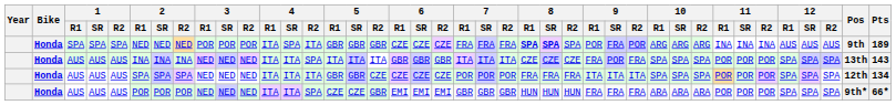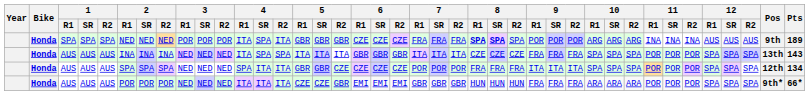 <table class="wikitable" style="text-align:center; font-size:90%;">
 <tr>
 <th rowspan="2">Year</th>
 <th rowspan="2">Bike</th>
 <th colspan="3">1</th>
 <th colspan="3">2</th>
 <th colspan="3">3</th>
 <th colspan="3">4</th>
 <th colspan="3">5</th>
 <th colspan="3">6</th>
 <th colspan="3">7</th>
 <th colspan="3">8</th>
 <th colspan="3">9</th>
 <th colspan="3">10</th>
 <th colspan="3">11</th>
 <th colspan="3">12</th>
 <th rowspan="2">Pos</th>
 <th rowspan="2">Pts</th>
 </tr>
 <tr>
 <th>R1</th>
 <th>SR</th>
 <th>R2</th>
 <th>R1</th>
 <th>SR</th>
 <th>R2</th>
 <th>R1</th>
 <th>SR</th>
 <th>R2</th>
 <th>R1</th>
 <th>SR</th>
 <th>R2</th>
 <th>R1</th>
 <th>SR</th>
 <th>R2</th>
 <th>R1</th>
 <th>SR</th>
 <th>R2</th>
 <th>R1</th>
 <th>SR</th>
 <th>R2</th>
 <th>R1</th>
 <th>SR</th>
 <th>R2</th>
 <th>R1</th>
 <th>SR</th>
 <th>R2</th>
 <th>R1</th>
 <th>SR</th>
 <th>R2</th>
 <th>R1</th>
 <th>SR</th>
 <th>R2</th>
 <th>R1</th>
 <th>SR</th>
 <th>R2</th>
 </tr>
 <tr>
 <th></th>
 <th><a href='#'>Honda</a></th>
 <td style="background:#dfffdf;"><a href='#'>SPA</a><br></td>
 <td style="background:#dfffdf;"><a href='#'>SPA</a><br></td>
 <td style="background:#dfffdf;"><a href='#'>SPA</a><br></td>
 <td style="background:#dfffdf;"><a href='#'>NED</a><br></td>
 <td style="background:#dfffdf;"><a href='#'>NED</a><br></td>
 <td style="background:#ffdf9f;"><a href='#'>NED</a><br></td>
 <td style="background:#dfffdf;"><a href='#'>POR</a><br></td>
 <td style="background:#dfffdf;"><a href='#'>POR</a><br></td>
 <td style="background:#dfffdf;"><a href='#'>POR</a><br></td>
 <td style="background:#dfffdf;"><a href='#'>ITA</a><br></td>
 <td style="background:#dfffdf;"><a href='#'>SPA</a><br></td>
 <td style="background:#dfffdf;"><a href='#'>ITA</a><br></td>
 <td style="background:#dfffdf;"><a href='#'>GBR</a><br></td>
 <td style="background:#dfffdf;"><a href='#'>GBR</a><br></td>
 <td style="background:#dfffdf;"><a href='#'>GBR</a><br></td>
 <td style="background:#dfffdf;"><a href='#'>CZE</a><br></td>
 <td style="background:#dfffdf;"><a href='#'>CZE</a><br></td>
 <td style="background:#efcfff;"><a href='#'>CZE</a><br></td>
 <td style="background:#dfffdf;"><a href='#'>FRA</a><br></td>
 <td style="background:#cfcfff;"><a href='#'>FRA</a><br></td>
 <td style="background:#dfffdf;"><a href='#'>FRA</a><br></td>
 <td style="background:#dfffdf;"><strong><a href='#'>SPA</a></strong><br></td>
 <td style="background:#efcfff;"><strong><a href='#'>SPA</a></strong><br></td>
 <td style="background:#dfffdf;"><a href='#'>SPA</a><br></td>
 <td style="background:#dfffdf;"><a href='#'>POR</a><br></td>
-<td style="background:#cfcfff;"><a href='#'>FRA</a><br></td>
+<td style="background:#cfcfff;"><a href='#'>POR</a><br></td>
 <td style="background:#cfcfff;"><a href='#'>POR</a><br></td>
 <td style="background:#dfffdf;"><a href='#'>ARG</a><br></td>
 <td style="background:#dfffdf;"><a href='#'>ARG</a><br></td>
 <td style="background:#dfffdf;"><a href='#'>ARG</a><br></td>
 <td style="background:#ffffff;"><a href='#'>INA</a><br></td>
 <td style="background:#ffffff;"><a href='#'>INA</a><br></td>
 <td style="background:#ffffff;"><a href='#'>INA</a><br></td>
 <td><a href='#'>AUS</a></td>
 <td><a href='#'>AUS</a></td>
 <td><a href='#'>AUS</a></td>
 <th>9th</th>
 <th>189</th>
 </tr>
 <tr>
 <th></th>
 <th><a href='#'>Honda</a></th>
 <td style="background:#dfffdf;"><a href='#'>AUS</a><br></td>
 <td style="background:#dfffdf;"><a href='#'>AUS</a><br></td>
 <td style="background:#dfffdf;"><a href='#'>AUS</a><br></td>
 <td style="background:#dfffdf;"><a href='#'>INA</a><br></td>
 <td style="background:#cfcfff;"><a href='#'>INA</a><br></td>
 <td style="background:#dfffdf;"><a href='#'>INA</a><br></td>
 <td style="background:#efcfff;"><a href='#'>NED</a><br></td>
 <td style="background:#cfcfff;"><a href='#'>NED</a><br></td>
 <td style="background:#efcfff;"><a href='#'>NED</a><br></td>
 <td style="background:#DFFFDF;"><a href='#'>ITA</a><br></td>
-<td style="background:#DFFFDF;"><a href='#'>ITA</a><br></td>
+<td style="background:#dfffdf;"><a href='#'>SPA</a><br></td>
 <td style="background:#dfffdf;"><a href='#'>SPA</a><br></td>
 <td style="background:#dfffdf;"><a href='#'>ITA</a><br></td>
 <td style="background:#cfcfff;"><a href='#'>ITA</a><br></td>
 <td style="background:#ffffff;"><a href='#'>ITA</a><br></td>
 <td style="background:#efcfff;"><a href='#'>GBR</a><br></td>
 <td style="background:#cfcfff;"><a href='#'>GBR</a><br></td>
 <td style="background:#dfffdf;"><a href='#'>GBR</a><br></td>
 <td style="background:#efcfff;"><a href='#'>ITA</a><br></td>
 <td style="background:#cfcfff;"><a href='#'>ITA</a><br></td>
 <td style="background:#dfffdf;"><a href='#'>ITA</a><br></td>
 <td style="background:#dfffdf;"><a href='#'>CZE</a><br></td>
 <td style="background:#cfcfff;"><a href='#'>CZE</a><br></td>
 <td style="background:#dfffdf;"><a href='#'>CZE</a><br></td>
 <td style="background:#dfffdf;"><a href='#'>FRA</a><br></td>
-<td style="background:#cfcfff;"><a href='#'>POR</a><br></td>
+<td style="background:#cfcfff;"><a href='#'>FRA</a><br></td>
 <td style="background:#dfffdf;"><a href='#'>FRA</a><br></td>
 <td style="background:#dfffdf;"><a href='#'>SPA</a><br></td>
 <td style="background:#dfffdf;"><a href='#'>SPA</a><br></td>
 <td style="background:#dfffdf;"><a href='#'>SPA</a><br></td>
 <td style="background:#dfffdf;"><a href='#'>POR</a><br></td>
 <td style="background:#dfffdf;"><a href='#'>POR</a><br></td>
 <td style="background:#dfffdf;"><a href='#'>POR</a><br></td>
 <td style="background:#dfffdf;"><a href='#'>SPA</a><br></td>
 <td style="background:#cfcfff;"><a href='#'>SPA</a><br></td>
 <td style="background:#cfcfff;"><a href='#'>SPA</a><br></td>
 <th>13th</th>
 <th>143</th>
 </tr>
 <tr>
 <th></th>
 <th><a href='#'>Honda</a></th>
 <td style="background:#FFFFFF;"><a href='#'>AUS</a><br></td>
 <td style="background:#FFFFFF;"><a href='#'>AUS</a><br></td>
 <td style="background:#FFFFFF;"><a href='#'>AUS</a><br></td>
 <td style="background:#DFFFDF;"><a href='#'>SPA</a><br></td>
 <td style="background:#CFCFFF;"><a href='#'>SPA</a><br></td>
 <td style="background:#EFCFFF;"><a href='#'>SPA</a><br></td>
 <td style="background:#FFFFFF;"><a href='#'>NED</a><br></td>
 <td style="background:#FFFFFF;"><a href='#'>NED</a><br></td>
 <td style="background:#FFFFFF;"><a href='#'>NED</a><br></td>
-<td style="background:#DFFFDF;"><a href='#'>ITA</a><br></td>
+<td style="background:#dfffdf;"><a href='#'>SPA</a><br></td>
 <td style="background:#DFFFDF;"><a href='#'>ITA</a><br></td>
 <td style="background:#DFFFDF;"><a href='#'>ITA</a><br></td>
 <td style="background:#DFFFDF;"><a href='#'>GBR</a><br></td>
 <td style="background:#CFCFFF;"><a href='#'>GBR</a><br></td>
 <td style="background:#DFFFDF;"><a href='#'>CZE</a><br></td>
 <td style="background:#EFCFFF;"><a href='#'>CZE</a><br></td>
 <td style="background:#CFCFFF;"><a href='#'>CZE</a><br></td>
 <td style="background:#DFFFDF;"><a href='#'>CZE</a><br></td>
 <td style="background:#DFFFDF;"><a href='#'>POR</a><br></td>
 <td style="background:#CFCFFF;"><a href='#'>POR</a><br></td>
 <td style="background:#DFFFDF;"><a href='#'>POR</a><br></td>
 <td style="background:#DFFFDF;"><a href='#'>FRA</a><br></td>
 <td style="background:#DFFFDF;"><a href='#'>FRA</a><br></td>
 <td style="background:#DFFFDF;"><a href='#'>FRA</a><br></td>
 <td style="background:#DFFFDF;"><a href='#'>ITA</a><br></td>
 <td style="background:#DFFFDF;"><a href='#'>ITA</a><br></td>
 <td style="background:#DFFFDF;"><a href='#'>ITA</a><br></td>
 <td style="background:#DFFFDF;"><a href='#'>SPA</a><br></td>
 <td style="background:#DFFFDF;"><a href='#'>SPA</a><br></td>
 <td style="background:#DFFFDF;"><a href='#'>SPA</a><br></td>
 <td style="background:#FFDF9F;"><a href='#'>POR</a><br></td>
 <td style="background:#DFFFDF;"><a href='#'>POR</a><br></td>
 <td style="background:#EFCFFF;"><a href='#'>POR</a><br></td>
 <td style="background:#DFFFDF;"><a href='#'>SPA</a><br></td>
 <td style="background:#EFCFFF;"><a href='#'>SPA</a><br></td>
 <td style="background:#FFFFFF;"><a href='#'>SPA</a><br></td>
 <th>12th</th>
 <th>134</th>
 </tr>
 <tr>
 <th></th>
 <th><a href='#'>Honda</a></th>
 <td style="background:#FFFFFF;"><a href='#'>AUS</a><br></td>
 <td style="background:#FFFFFF;"><a href='#'>AUS</a><br></td>
 <td style="background:#FFFFFF;"><a href='#'>AUS</a><br></td>
 <td style="background:#DFFFDF;"><a href='#'>POR</a><br></td>
 <td style="background:#DFFFDF;"><a href='#'>POR</a><br></td>
 <td style="background:#DFFFDF;"><a href='#'>POR</a><br></td>
 <td style="background:#DFFFDF;"><a href='#'>NED</a><br></td>
 <td style="background:#CFCFFF;"><a href='#'>NED</a><br></td>
 <td style="background:#DFFFDF;"><a href='#'>NED</a><br></td>
 <td style="background:#EFCFFF;"><a href='#'>ITA</a><br></td>
 <td style="background:#EFCFFF;"><a href='#'>ITA</a><br></td>
-<td style="background:#dfffdf;"><a href='#'>SPA</a><br></td>
+<td style="background:#DFFFDF;"><a href='#'>ITA</a><br></td>
 <td style="background:#DFFFDF;"><a href='#'>CZE</a><br></td>
 <td style="background:#DFFFDF;"><a href='#'>CZE</a><br></td>
 <td style="background:#DFFFDF;"><a href='#'>GBR</a><br></td>
 <td style="background:#;"><a href='#'>EMI</a><br></td>
 <td style="background:#;"><a href='#'>EMI</a><br></td>
 <td style="background:#;"><a href='#'>EMI</a><br></td>
 <td style="background:#;"><a href='#'>GBR</a><br></td>
 <td style="background:#;"><a href='#'>GBR</a><br></td>
 <td style="background:#;"><a href='#'>GBR</a><br></td>
 <td style="background:#;"><a href='#'>HUN</a><br></td>
 <td style="background:#;"><a href='#'>HUN</a><br></td>
 <td style="background:#;"><a href='#'>HUN</a><br></td>
 <td style="background:#;"><a href='#'>FRA</a><br></td>
 <td style="background:#;"><a href='#'>FRA</a><br></td>
 <td style="background:#;"><a href='#'>FRA</a><br></td>
 <td style="background:#;"><a href='#'>ARA</a><br></td>
 <td style="background:#;"><a href='#'>ARA</a><br></td>
 <td style="background:#;"><a href='#'>ARA</a><br></td>
 <td style="background:#;"><a href='#'>POR</a><br></td>
 <td style="background:#;"><a href='#'>POR</a><br></td>
 <td style="background:#;"><a href='#'>POR</a><br></td>
 <td style="background:#;"><a href='#'>SPA</a><br></td>
 <td style="background:#;"><a href='#'>SPA</a><br></td>
 <td style="background:#;"><a href='#'>SPA</a><br></td>
 <th>9th*</th>
 <th>66*</th>
 </tr>
 </table>
